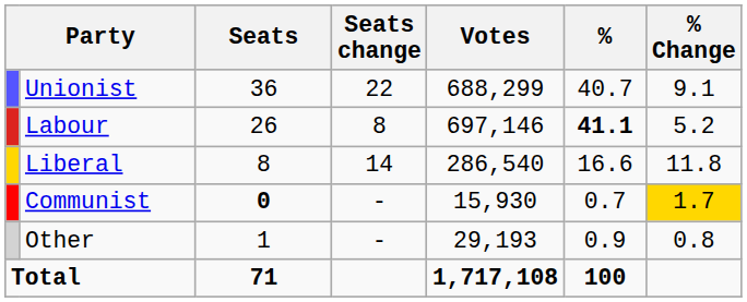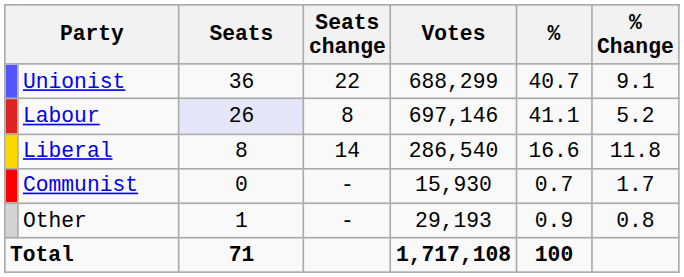 <table class="wikitable sortable">
 <tr>
 <th style="width:100px" colspan=2>Party</th>
 <th style="width:70px;">Seats</th>
 <th style="width:40px;">Seats change</th>
 <th style="width:40px;">Votes</th>
 <th style="width:40px;">%</th>
 <th style="width:40px;">% Change</th>
 </tr>
 <tr>
 <td bgcolor="#5555FF"></td>
 <td><a href='#'>Unionist</a></td>
 <td align=center>36</td>
 <td align=center> 22</td>
 <td align=center>688,299</td>
 <td align=center>40.7</td>
 <td align=center> 9.1</td>
 </tr>
 <tr>
 <td bgcolor="#DC241f"></td>
 <td><a href='#'>Labour</a></td>
-<td align=center>26</td>
+<td align=center style="background: lavender;">26</td>
 <td align=center> 8</td>
 <td align=center>697,146</td>
-<td align=center><strong>41.1</strong></td>
+<td align=center>41.1</td>
 <td align=center> 5.2</td>
 </tr>
 <tr>
 <td bgcolor="#FFD700"></td>
 <td><a href='#'>Liberal</a></td>
 <td align=center>8</td>
 <td align=center> 14</td>
 <td align=center>286,540</td>
 <td align=center>16.6</td>
 <td align=center> 11.8</td>
 </tr>
 <tr>
 <td bgcolor="#FF0000"></td>
 <td><a href='#'>Communist</a></td>
-<td align=center><strong>0</strong></td>
+<td align=center>0</td>
 <td align=center>-</td>
 <td align=center>15,930</td>
 <td align=center>0.7</td>
-<td align=center style="background: gold;"> 1.7</td>
+<td align=center> 1.7</td>
 </tr>
 <tr>
 <td bgcolor="#D3D3D3"></td>
 <td>Other</td>
 <td align="center">1</td>
 <td align="center">-</td>
 <td align="center">29,193</td>
 <td align="center">0.9</td>
 <td align="center"> 0.8</td>
 </tr>
 <tr>
 <td colspan=2><strong>Total</strong></td>
 <td align=center><strong>71</strong></td>
 <td align=center></td>
 <td align=center><strong>1,717,108</strong></td>
 <td align=center><strong>100</strong></td>
 <td align=center></td>
 </tr>
 </table>
